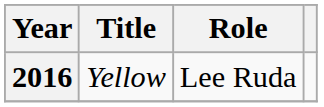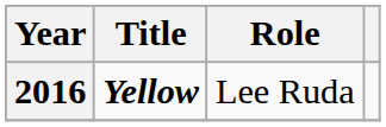 <table class="wikitable plainrowheaders">
 <tr>
 <th scope="col">Year</th>
 <th scope="col">Title</th>
 <th scope="col">Role</th>
 <th scope="col" class="unsortable"></th>
 </tr>
 <tr>
 <th scope="row">2016</th>
-<td><em>Yellow</em></td>
+<td><strong><em>Yellow</em></strong></td>
 <td>Lee Ruda</td>
 <td></td>
 </tr>
 <tr>
 </tr>
 </table>
